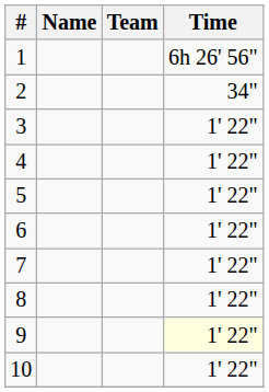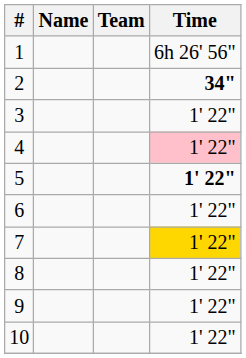 <table class=wikitable>
 <tr>
 <th>#</th>
 <th>Name</th>
 <th>Team</th>
 <th>Time</th>
 </tr>
 <tr>
 <td align=center>1</td>
 <td></td>
 <td></td>
 <td align=center>6h 26' 56"</td>
 </tr>
 <tr>
 <td align=center>2</td>
 <td></td>
 <td></td>
-<td align=right>34"</td>
+<td align=right><strong>34"</strong></td>
 </tr>
 <tr>
 <td align=center>3</td>
 <td></td>
 <td></td>
 <td align=right>1' 22"</td>
 </tr>
 <tr>
 <td align=center>4</td>
 <td></td>
 <td></td>
-<td align=right>1' 22"</td>
+<td align=right style="background: pink;">1' 22"</td>
 </tr>
 <tr>
 <td align=center>5</td>
 <td></td>
 <td></td>
-<td align=right>1' 22"</td>
+<td align=right><strong>1' 22"</strong></td>
 </tr>
 <tr>
 <td align=center>6</td>
 <td></td>
 <td></td>
 <td align=right>1' 22"</td>
 </tr>
 <tr>
 <td align=center>7</td>
 <td></td>
 <td></td>
-<td align=right>1' 22"</td>
+<td align=right style="background: gold;">1' 22"</td>
 </tr>
 <tr>
 <td align=center>8</td>
 <td></td>
 <td></td>
 <td align=right>1' 22"</td>
 </tr>
 <tr>
 <td align=center>9</td>
 <td></td>
 <td></td>
-<td align=right style="background: lightyellow;">1' 22"</td>
+<td align=right>1' 22"</td>
 </tr>
 <tr>
 <td align=center>10</td>
 <td></td>
 <td></td>
 <td align=right>1' 22"</td>
 </tr>
 <tr>
 </tr>
 </table>
